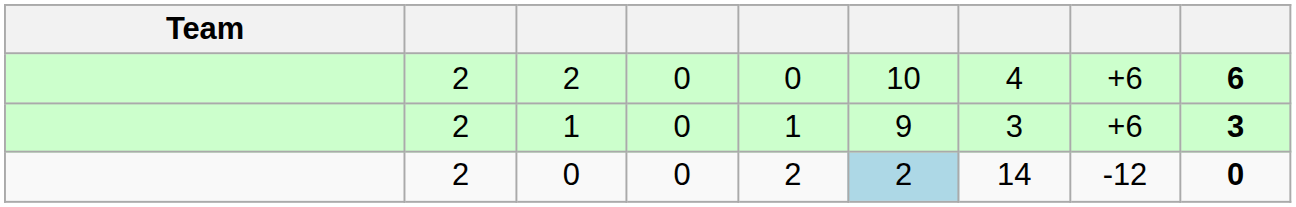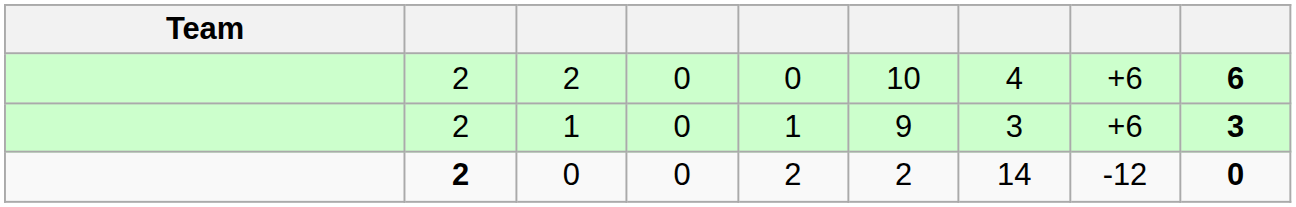 <table class="wikitable" style="text-align: center;">
 <tr>
 <th width=200>Team</th>
 <th width=50 abbr="Played"></th>
 <th width=50 abbr="Won"></th>
 <th width=50 abbr="Drawn"></th>
 <th width=50 abbr="Lost"></th>
 <th width=50 abbr="Goals for"></th>
 <th width=50 abbr="Goals against"></th>
 <th width=50 abbr="Goal difference"></th>
 <th width=50 abbr="Points"></th>
 </tr>
 <tr align=center style="background:#ccffcc;">
 <td align="left"><strong></strong></td>
 <td>2</td>
 <td>2</td>
 <td>0</td>
 <td>0</td>
 <td>10</td>
 <td>4</td>
 <td>+6</td>
 <td><strong>6</strong></td>
 </tr>
 <tr align=center style="background:#ccffcc;">
 <td align="left"><strong></strong></td>
 <td>2</td>
 <td>1</td>
 <td>0</td>
 <td>1</td>
 <td>9</td>
 <td>3</td>
 <td>+6</td>
 <td><strong>3</strong></td>
 </tr>
 <tr>
 <td align="left"></td>
-<td>2</td>
+<td><strong>2</strong></td>
 <td>0</td>
 <td>0</td>
 <td>2</td>
-<td style="background: lightblue;">2</td>
+<td>2</td>
 <td>14</td>
 <td>-12</td>
 <td><strong>0</strong></td>
 </tr>
 </table>
